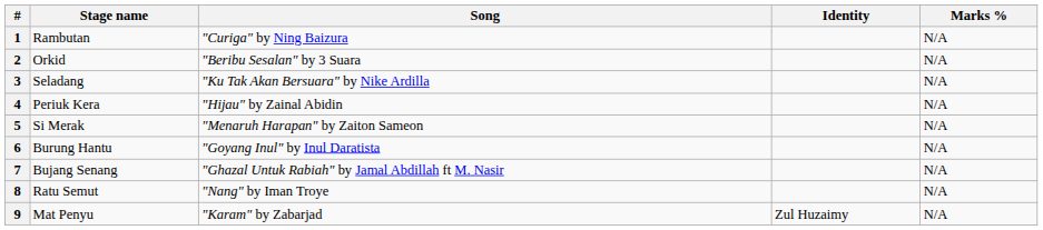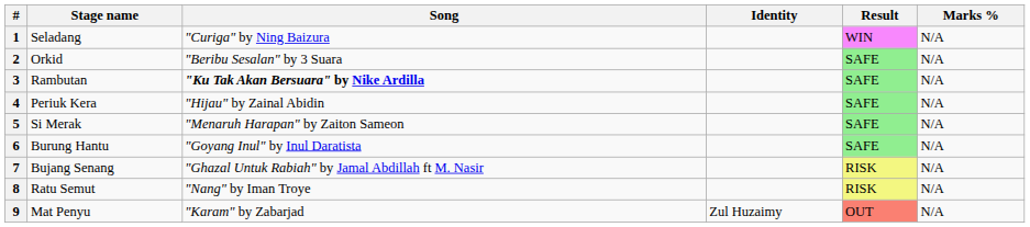 <table class="wikitable plainrowheaders" style="width: 60%; style=text-align: center;">
 <tr>
 <th>#</th>
 <th>Stage name</th>
 <th>Song</th>
 <th>Identity</th>
+<th>Result</th>
 <th>Marks %</th>
 </tr>
 <tr>
 <th>1</th>
-<td>Rambutan</td>
+<td>Seladang</td>
 <td><em>"Curiga"</em> by <a href='#'>Ning Baizura</a></td>
 <td></td>
+<td bgcolor=#F888FD>WIN</td>
 <td>N/A</td>
 </tr>
 <tr>
 <th>2</th>
 <td>Orkid</td>
 <td><em>"Beribu Sesalan"</em> by 3 Suara</td>
 <td></td>
+<td bgcolor="lightgreen">SAFE</td>
 <td>N/A</td>
 </tr>
 <tr>
 <th>3</th>
-<td>Seladang</td>
-<td><em>"Ku Tak Akan Bersuara"</em> by <a href='#'>Nike Ardilla</a></td>
+<td>Rambutan</td>
+<td><strong><em>"Ku Tak Akan Bersuara"</em> by <a href='#'>Nike Ardilla</a></strong></td>
 <td></td>
+<td bgcolor="lightgreen">SAFE</td>
 <td>N/A</td>
 </tr>
 <tr>
 <th>4</th>
 <td>Periuk Kera</td>
 <td><em>"Hijau"</em> by Zainal Abidin</td>
 <td></td>
+<td bgcolor="lightgreen">SAFE</td>
 <td>N/A</td>
 </tr>
 <tr>
 <th>5</th>
 <td>Si Merak</td>
 <td><em>"Menaruh Harapan"</em> by Zaiton Sameon</td>
 <td></td>
+<td bgcolor="lightgreen">SAFE</td>
 <td>N/A</td>
 </tr>
 <tr>
 <th>6</th>
 <td>Burung Hantu</td>
 <td><em>"Goyang Inul"</em> by <a href='#'>Inul Daratista</a></td>
 <td></td>
+<td bgcolor="lightgreen">SAFE</td>
 <td>N/A</td>
 </tr>
 <tr>
 <th>7</th>
 <td>Bujang Senang</td>
 <td><em>"Ghazal Untuk Rabiah"</em> by <a href='#'>Jamal Abdillah</a> ft <a href='#'>M. Nasir</a></td>
 <td></td>
+<td bgcolor=#F3F781>RISK</td>
 <td>N/A</td>
 </tr>
 <tr>
 <th>8</th>
 <td>Ratu Semut</td>
 <td><em>"Nang"</em> by Iman Troye</td>
 <td></td>
+<td bgcolor=#F3F781>RISK</td>
 <td>N/A</td>
 </tr>
 <tr>
 <th>9</th>
 <td>Mat Penyu</td>
 <td><em>"Karam"</em> by Zabarjad</td>
 <td>Zul Huzaimy</td>
+<td bgcolor=salmon>OUT</td>
 <td>N/A</td>
 </tr>
 </table>
